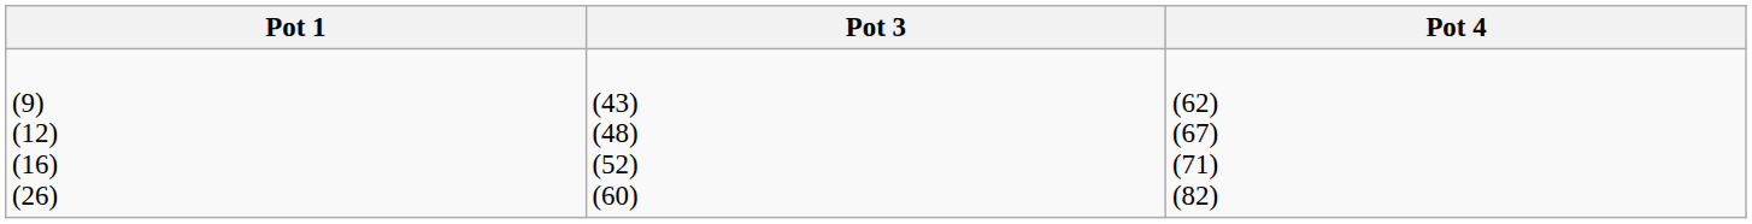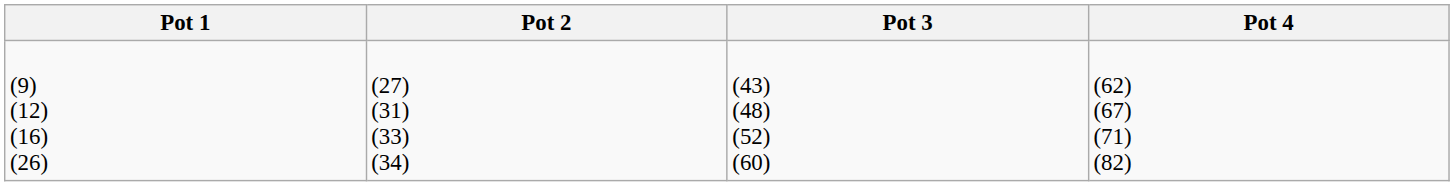 <table class="wikitable" width=80%>
 <tr>
 <th width=25%>Pot 1</th>
+<th width=25%>Pot 2</th>
 <th width=25%>Pot 3</th>
 <th width=25%>Pot 4</th>
 </tr>
 <tr>
 <td><br> (9)<br>  (12)<br>  (16)<br>  (26)</td>
+<td><br> (27)<br>  (31)<br>  (33)<br>  (34)</td>
 <td><br> (43)<br>  (48)<br>  (52)<br>  (60)</td>
 <td><br> (62)<br>  (67)<br>  (71)<br>  (82)</td>
 </tr>
 </table>
